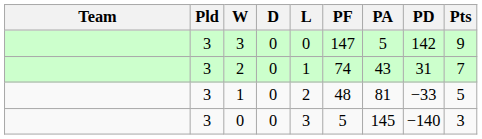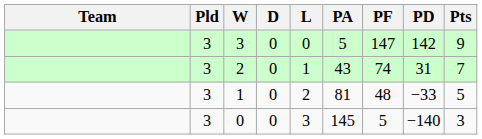 <table class="wikitable" style="text-align:center;">
 <tr>
 <th width=175>Team</th>
 <th width=25 abbr="Played">Pld</th>
 <th width=25 abbr="Won">W</th>
 <th width=25 abbr="Drawn">D</th>
 <th width=25 abbr="Lost">L</th>
+<th width=32 abbr="Points against">PA</th>
 <th width=32 abbr="Points for">PF</th>
-<th width=32 abbr="Points against">PA</th>
 <th width=32 abbr="Points difference">PD</th>
 <th width=25 abbr="Points">Pts</th>
 </tr>
 <tr bgcolor="#ccffcc">
 <td align=left></td>
 <td>3</td>
 <td>3</td>
 <td>0</td>
 <td>0</td>
+<td>5</td>
 <td>147</td>
-<td>5</td>
 <td>142</td>
 <td>9</td>
 </tr>
 <tr bgcolor="#ccffcc">
 <td align=left></td>
 <td>3</td>
 <td>2</td>
 <td>0</td>
 <td>1</td>
+<td>43</td>
 <td>74</td>
-<td>43</td>
 <td>31</td>
 <td>7</td>
 </tr>
 <tr>
 <td align=left></td>
 <td>3</td>
 <td>1</td>
 <td>0</td>
 <td>2</td>
+<td>81</td>
 <td>48</td>
-<td>81</td>
 <td>−33</td>
 <td>5</td>
 </tr>
 <tr>
 <td align=left></td>
 <td>3</td>
 <td>0</td>
 <td>0</td>
 <td>3</td>
+<td>145</td>
 <td>5</td>
-<td>145</td>
 <td>−140</td>
 <td>3</td>
 </tr>
 </table>
